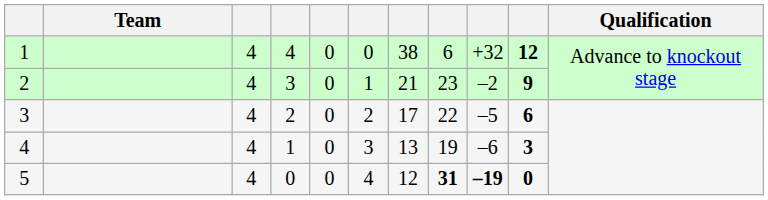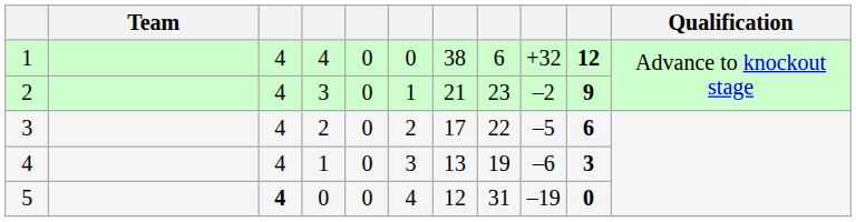 <table class="wikitable" style="text-align: center;">
 <tr>
 <th width="25"></th>
 <th width="150">Team</th>
 <th width="25"></th>
 <th width="25"></th>
 <th width="25"></th>
 <th width="25"></th>
 <th width="25"></th>
 <th width="25"></th>
 <th width="25"></th>
 <th width="25"></th>
 <th width="170">Qualification</th>
 </tr>
 <tr align=center style="background:#ccffcc;">
 <td>1</td>
 <td style="text-align:left;"></td>
 <td>4</td>
 <td>4</td>
 <td>0</td>
 <td>0</td>
 <td>38</td>
 <td>6</td>
 <td>+32</td>
 <td><strong>12</strong></td>
 <td rowspan="2">Advance to <a href='#'>knockout stage</a></td>
 </tr>
 <tr align=center style="background:#ccffcc;">
 <td>2</td>
 <td style="text-align:left;"></td>
 <td>4</td>
 <td>3</td>
 <td>0</td>
 <td>1</td>
 <td>21</td>
 <td>23</td>
 <td>–2</td>
 <td><strong>9</strong></td>
 </tr>
 <tr align=center style="background:#f5f5f5;">
 <td>3</td>
 <td style="text-align:left;"></td>
 <td>4</td>
 <td>2</td>
 <td>0</td>
 <td>2</td>
 <td>17</td>
 <td>22</td>
 <td>–5</td>
 <td><strong>6</strong></td>
 <td rowspan="3"></td>
 </tr>
 <tr align=center style="background:#f5f5f5;">
 <td>4</td>
 <td style="text-align:left;"></td>
 <td>4</td>
 <td>1</td>
 <td>0</td>
 <td>3</td>
 <td>13</td>
 <td>19</td>
 <td>–6</td>
 <td><strong>3</strong></td>
 </tr>
 <tr align=center style="background:#f5f5f5;">
 <td>5</td>
 <td style="text-align:left;"></td>
-<td>4</td>
+<td><strong>4</strong></td>
 <td>0</td>
 <td>0</td>
 <td>4</td>
 <td>12</td>
-<td><strong>31</strong></td>
-<td><strong>–19</strong></td>
+<td>31</td>
+<td>–19</td>
 <td><strong>0</strong></td>
 </tr>
 </table>
